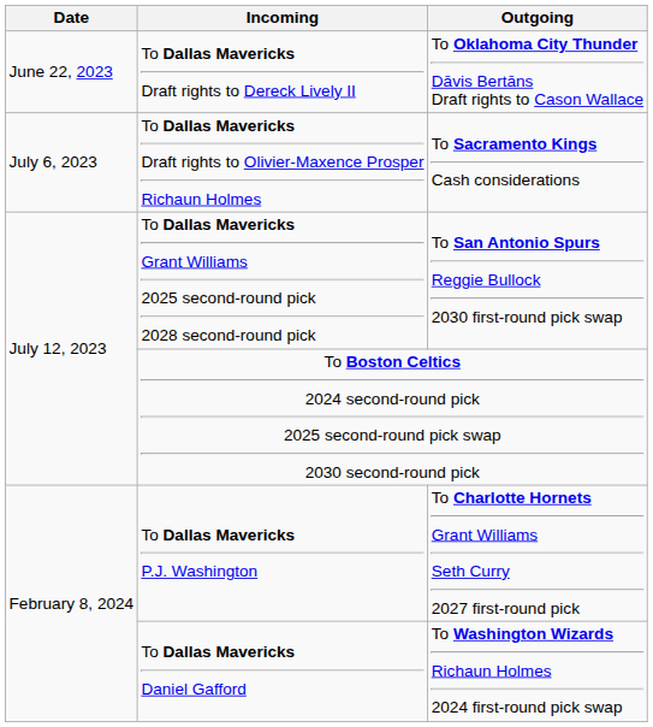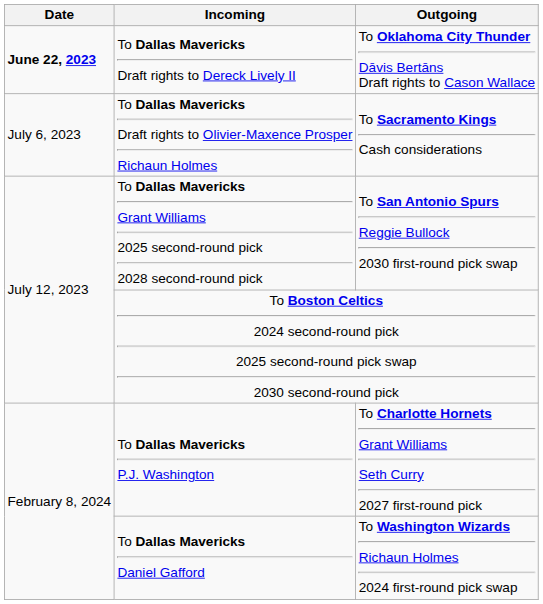 <table class="wikitable sortable sortable">
 <tr>
 <th>Date</th>
 <th>Incoming</th>
 <th>Outgoing</th>
 </tr>
 <tr>
-<td>June 22, <a href='#'>2023</a></td>
+<td><strong>June 22, <a href='#'>2023</a></strong></td>
 <td>To <strong>Dallas Mavericks</strong><hr>Draft rights to <a href='#'>Dereck Lively II</a></td>
 <td>To <strong><a href='#'>Oklahoma City Thunder</a></strong><hr><a href='#'>Dāvis Bertāns</a><br>Draft rights to <a href='#'>Cason Wallace</a></td>
 </tr>
 <tr>
 <td>July 6, 2023</td>
 <td>To <strong>Dallas Mavericks</strong><hr>Draft rights to <a href='#'>Olivier-Maxence Prosper</a><hr><a href='#'>Richaun Holmes</a></td>
 <td>To <strong><a href='#'>Sacramento Kings</a></strong><hr>Cash considerations</td>
 </tr>
 <tr>
 <td rowspan=2>July 12, 2023</td>
 <td>To <strong>Dallas Mavericks</strong><hr><a href='#'>Grant Williams</a><hr>2025 second-round pick<hr>2028 second-round pick</td>
 <td>To <strong><a href='#'>San Antonio Spurs</a></strong><hr><a href='#'>Reggie Bullock</a><hr>2030 first-round pick swap</td>
 </tr>
 <tr>
 <td colspan="2" style="text-align:center; vertical-align:top;">To <strong><a href='#'>Boston Celtics</a></strong><hr>2024 second-round pick<hr>2025 second-round pick swap<hr>2030 second-round pick</td>
 </tr>
 <tr>
 <td rowspan="2">February 8, 2024</td>
 <td>To <strong>Dallas Mavericks</strong><hr><a href='#'>P.J. Washington</a></td>
 <td>To <strong><a href='#'>Charlotte Hornets</a></strong><hr><a href='#'>Grant Williams</a><hr><a href='#'>Seth Curry</a><hr>2027 first-round pick</td>
 </tr>
 <tr>
 <td>To <strong>Dallas Mavericks</strong><hr><a href='#'>Daniel Gafford</a></td>
 <td>To <a href='#'><strong>Washington Wizards</strong></a><hr><a href='#'>Richaun Holmes</a><hr>2024 first-round pick swap</td>
 </tr>
 </table>
